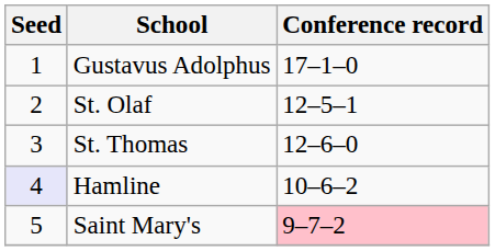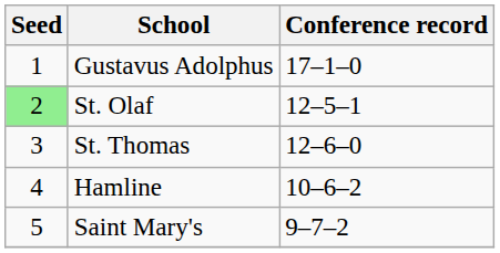 <table class="wikitable">
 <tr>
 <th>Seed</th>
 <th>School</th>
 <th>Conference record</th>
 </tr>
 <tr>
 <td align=center>1</td>
 <td>Gustavus Adolphus</td>
 <td>17–1–0</td>
 </tr>
 <tr>
-<td align=center>2</td>
+<td align=center style="background: lightgreen;">2</td>
 <td>St. Olaf</td>
 <td>12–5–1</td>
 </tr>
 <tr>
 <td align=center>3</td>
 <td>St. Thomas</td>
 <td>12–6–0</td>
 </tr>
 <tr>
-<td align=center style="background: lavender;">4</td>
+<td align=center>4</td>
 <td>Hamline</td>
 <td>10–6–2</td>
 </tr>
 <tr>
 <td align=center>5</td>
 <td>Saint Mary's</td>
-<td style="background: pink;">9–7–2</td>
+<td>9–7–2</td>
 </tr>
 <tr>
 </tr>
 </table>
